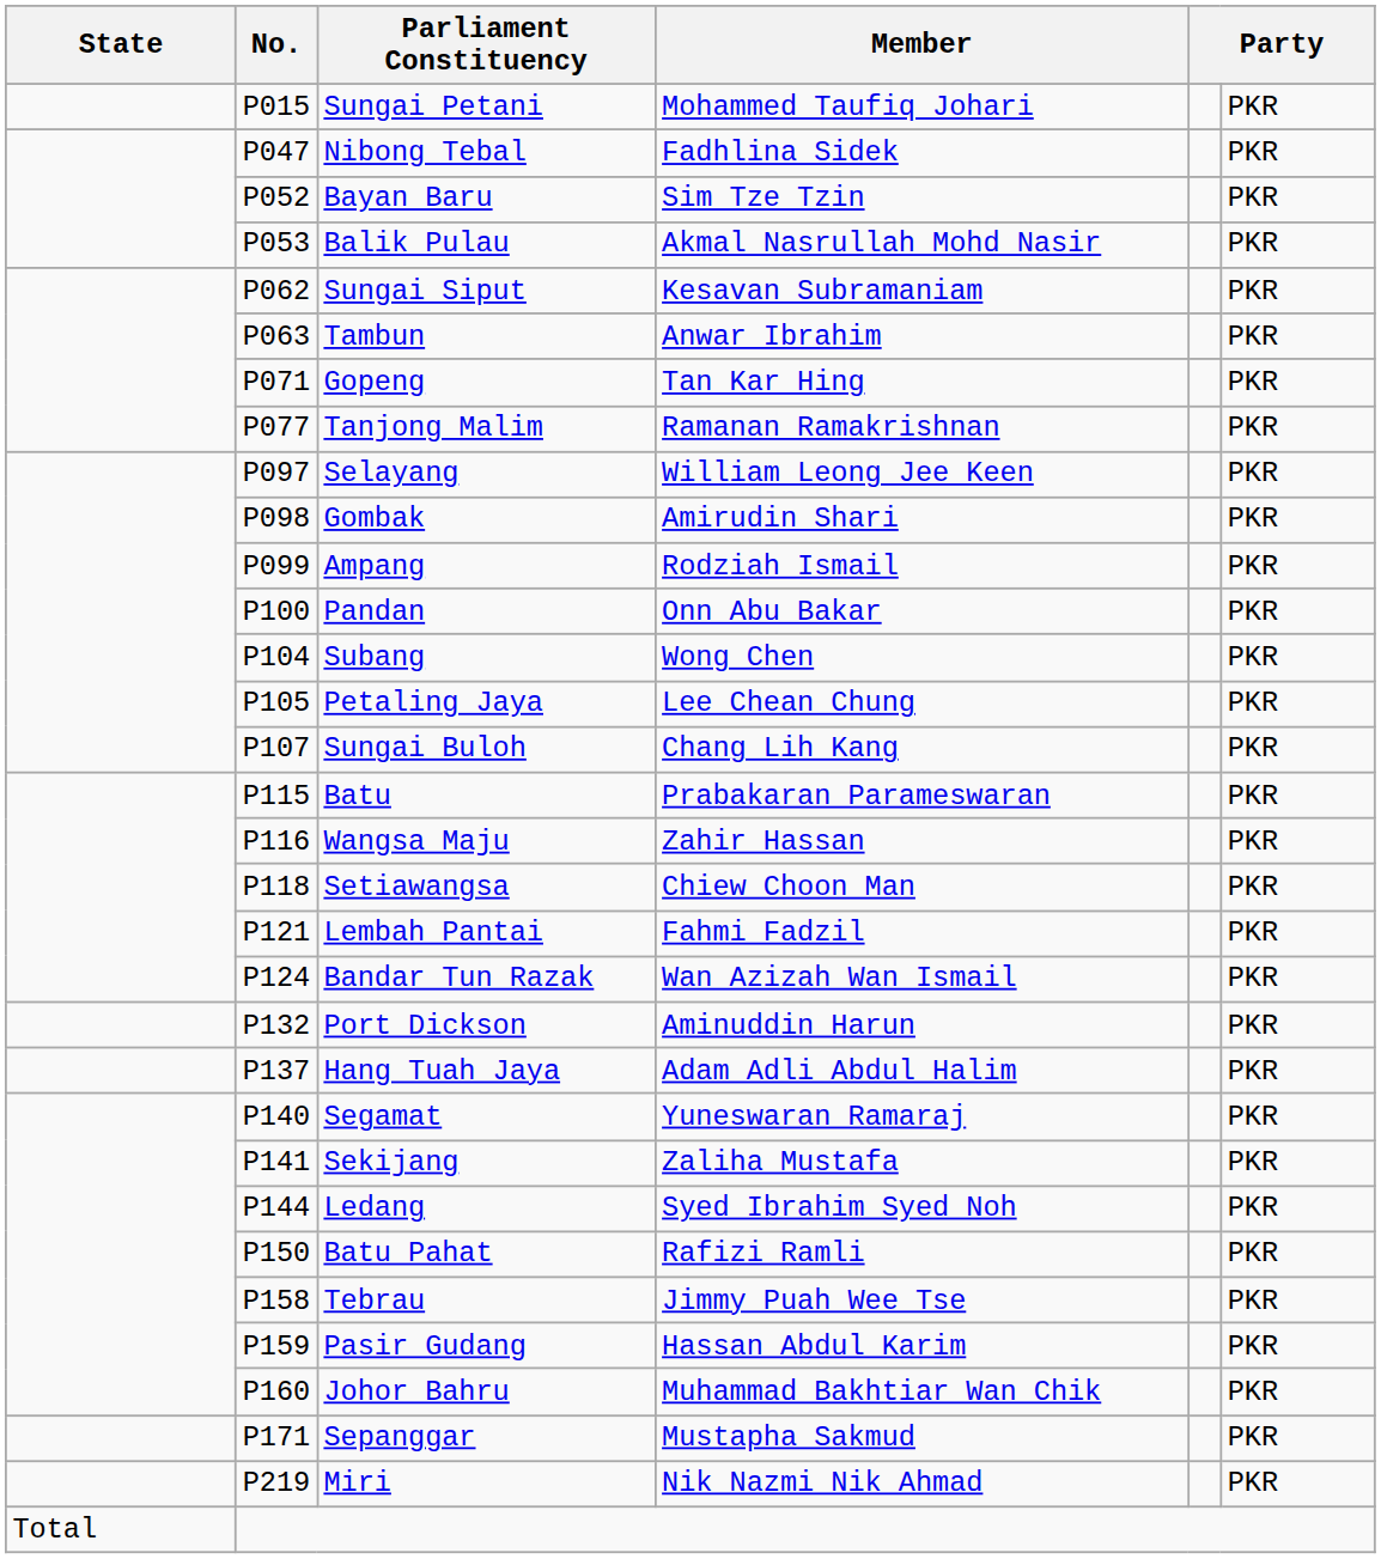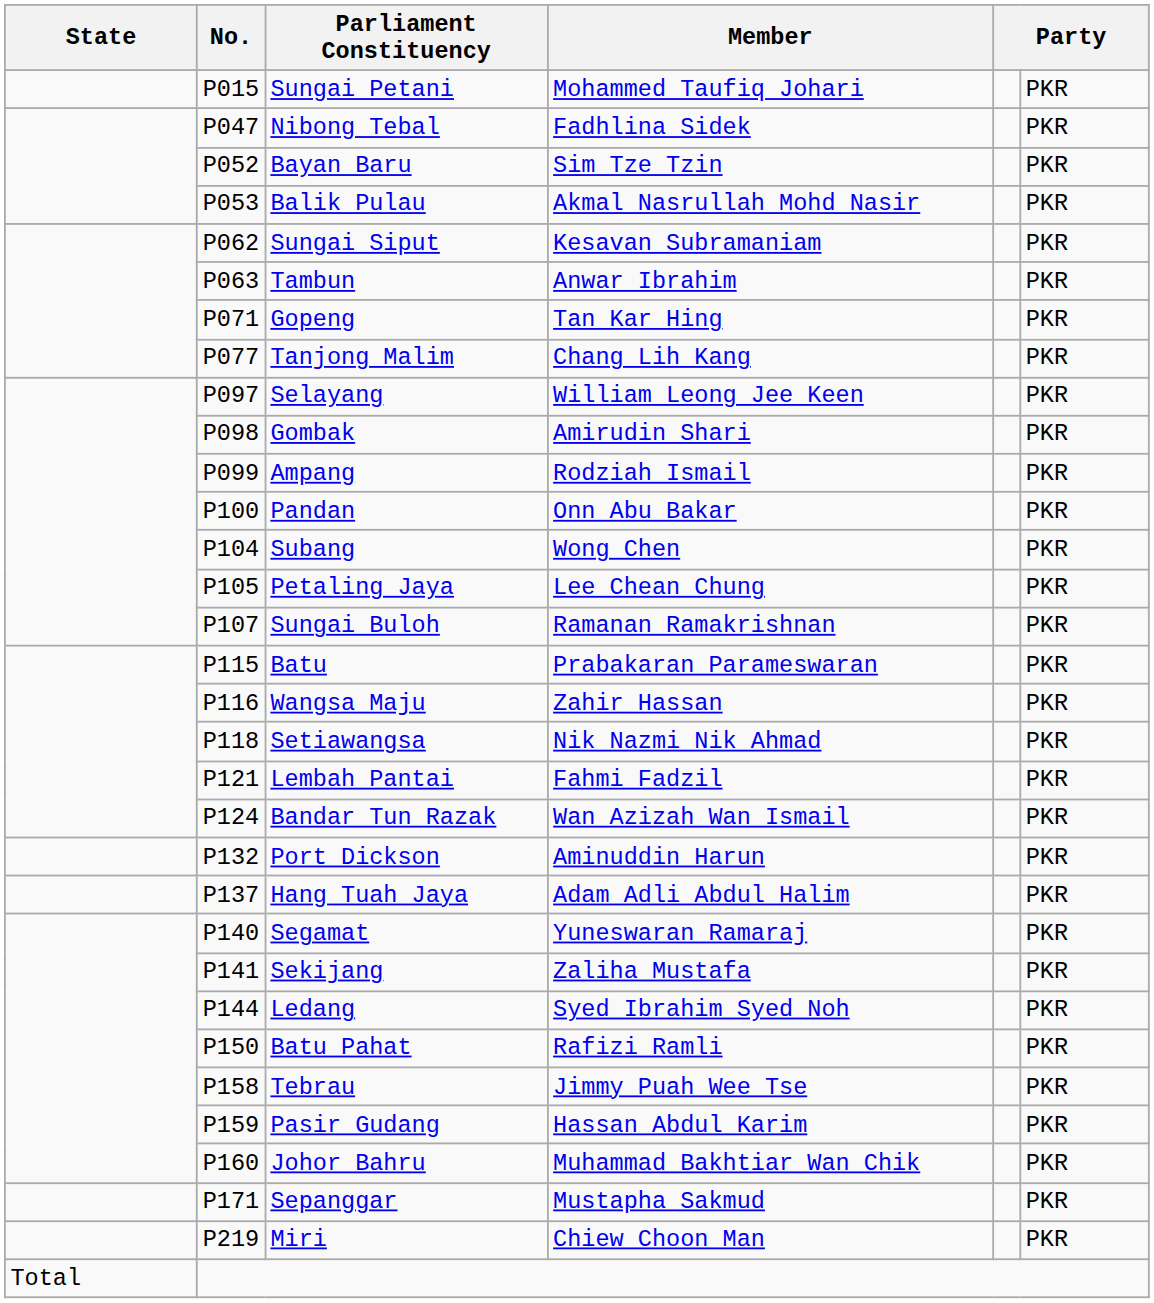 <table class ="wikitable sortable">
 <tr>
 <th style="width:100px;">State</th>
 <th style="width:30px;">No.</th>
 <th style="width:150px;">Parliament Constituency</th>
 <th style="width:240px;">Member</th>
 <th style="width:80px;" colspan=2>Party</th>
 </tr>
 <tr>
 <td></td>
 <td>P015</td>
 <td><a href='#'>Sungai Petani</a></td>
 <td><a href='#'>Mohammed Taufiq Johari</a></td>
 <td></td>
 <td>PKR</td>
 </tr>
 <tr>
 <td rowspan="3"></td>
 <td>P047</td>
 <td><a href='#'>Nibong Tebal</a></td>
 <td><a href='#'>Fadhlina Sidek</a></td>
 <td></td>
 <td>PKR</td>
 </tr>
 <tr>
 <td>P052</td>
 <td><a href='#'>Bayan Baru</a></td>
 <td><a href='#'>Sim Tze Tzin</a></td>
 <td></td>
 <td>PKR</td>
 </tr>
 <tr>
 <td>P053</td>
 <td><a href='#'>Balik Pulau</a></td>
 <td><a href='#'>Akmal Nasrullah Mohd Nasir</a></td>
 <td></td>
 <td>PKR</td>
 </tr>
 <tr>
 <td rowspan=4></td>
 <td>P062</td>
 <td><a href='#'>Sungai Siput</a></td>
 <td><a href='#'>Kesavan Subramaniam</a></td>
 <td></td>
 <td>PKR</td>
 </tr>
 <tr>
 <td>P063</td>
 <td><a href='#'>Tambun</a></td>
 <td><a href='#'>Anwar Ibrahim</a></td>
 <td></td>
 <td>PKR</td>
 </tr>
 <tr>
 <td>P071</td>
 <td><a href='#'>Gopeng</a></td>
 <td><a href='#'>Tan Kar Hing</a></td>
 <td></td>
 <td>PKR</td>
 </tr>
 <tr>
 <td>P077</td>
 <td><a href='#'>Tanjong Malim</a></td>
-<td><a href='#'>Ramanan Ramakrishnan</a></td>
+<td><a href='#'>Chang Lih Kang</a></td>
 <td></td>
 <td>PKR</td>
 </tr>
 <tr>
 <td rowspan="7"></td>
 <td>P097</td>
 <td><a href='#'>Selayang</a></td>
 <td><a href='#'>William Leong Jee Keen</a></td>
 <td></td>
 <td>PKR</td>
 </tr>
 <tr>
 <td>P098</td>
 <td><a href='#'>Gombak</a></td>
 <td><a href='#'>Amirudin Shari</a></td>
 <td></td>
 <td>PKR</td>
 </tr>
 <tr>
 <td>P099</td>
 <td><a href='#'>Ampang</a></td>
 <td><a href='#'>Rodziah Ismail</a></td>
 <td></td>
 <td>PKR</td>
 </tr>
 <tr>
 <td>P100</td>
 <td><a href='#'>Pandan</a></td>
 <td><a href='#'>Onn Abu Bakar</a></td>
 <td></td>
 <td>PKR</td>
 </tr>
 <tr>
 <td>P104</td>
 <td><a href='#'>Subang</a></td>
 <td><a href='#'>Wong Chen</a></td>
 <td></td>
 <td>PKR</td>
 </tr>
 <tr>
 <td>P105</td>
 <td><a href='#'>Petaling Jaya</a></td>
 <td><a href='#'>Lee Chean Chung</a></td>
 <td></td>
 <td>PKR</td>
 </tr>
 <tr>
 <td>P107</td>
 <td><a href='#'>Sungai Buloh</a></td>
-<td><a href='#'>Chang Lih Kang</a></td>
+<td><a href='#'>Ramanan Ramakrishnan</a></td>
 <td></td>
 <td>PKR</td>
 </tr>
 <tr>
 <td rowspan="5"></td>
 <td>P115</td>
 <td><a href='#'>Batu</a></td>
 <td><a href='#'>Prabakaran Parameswaran</a></td>
 <td></td>
 <td>PKR</td>
 </tr>
 <tr>
 <td>P116</td>
 <td><a href='#'>Wangsa Maju</a></td>
 <td><a href='#'>Zahir Hassan</a></td>
 <td></td>
 <td>PKR</td>
 </tr>
 <tr>
 <td>P118</td>
 <td><a href='#'>Setiawangsa</a></td>
-<td><a href='#'>Chiew Choon Man</a></td>
+<td><a href='#'>Nik Nazmi Nik Ahmad</a></td>
 <td></td>
 <td>PKR</td>
 </tr>
 <tr>
 <td>P121</td>
 <td><a href='#'>Lembah Pantai</a></td>
 <td><a href='#'>Fahmi Fadzil</a></td>
 <td></td>
 <td>PKR</td>
 </tr>
 <tr>
 <td>P124</td>
 <td><a href='#'>Bandar Tun Razak</a></td>
 <td><a href='#'>Wan Azizah Wan Ismail</a></td>
 <td></td>
 <td>PKR</td>
 </tr>
 <tr>
 <td rowspan=1></td>
 <td>P132</td>
 <td><a href='#'>Port Dickson</a></td>
 <td><a href='#'>Aminuddin Harun</a></td>
 <td></td>
 <td>PKR</td>
 </tr>
 <tr>
 <td></td>
 <td>P137</td>
 <td><a href='#'>Hang Tuah Jaya</a></td>
 <td><a href='#'>Adam Adli Abdul Halim</a></td>
 <td></td>
 <td>PKR</td>
 </tr>
 <tr>
 <td rowspan="7"></td>
 <td>P140</td>
 <td><a href='#'>Segamat</a></td>
 <td><a href='#'>Yuneswaran Ramaraj</a></td>
 <td></td>
 <td>PKR</td>
 </tr>
 <tr>
 <td>P141</td>
 <td><a href='#'>Sekijang</a></td>
 <td><a href='#'>Zaliha Mustafa</a></td>
 <td></td>
 <td>PKR</td>
 </tr>
 <tr>
 <td>P144</td>
 <td><a href='#'>Ledang</a></td>
 <td><a href='#'>Syed Ibrahim Syed Noh</a></td>
 <td></td>
 <td>PKR</td>
 </tr>
 <tr>
 <td>P150</td>
 <td><a href='#'>Batu Pahat</a></td>
 <td><a href='#'>Rafizi Ramli</a></td>
 <td></td>
 <td>PKR</td>
 </tr>
 <tr>
 <td>P158</td>
 <td><a href='#'>Tebrau</a></td>
 <td><a href='#'>Jimmy Puah Wee Tse</a></td>
 <td></td>
 <td>PKR</td>
 </tr>
 <tr>
 <td>P159</td>
 <td><a href='#'>Pasir Gudang</a></td>
 <td><a href='#'>Hassan Abdul Karim</a></td>
 <td></td>
 <td>PKR</td>
 </tr>
 <tr>
 <td>P160</td>
 <td><a href='#'>Johor Bahru</a></td>
 <td><a href='#'>Muhammad Bakhtiar Wan Chik</a></td>
 <td></td>
 <td>PKR</td>
 </tr>
 <tr>
 <td rowspan="1"></td>
 <td>P171</td>
 <td><a href='#'>Sepanggar</a></td>
 <td><a href='#'>Mustapha Sakmud</a></td>
 <td></td>
 <td>PKR</td>
 </tr>
 <tr>
 <td rowspan="1"></td>
 <td>P219</td>
 <td><a href='#'>Miri</a></td>
-<td><a href='#'>Nik Nazmi Nik Ahmad</a></td>
+<td><a href='#'>Chiew Choon Man</a></td>
 <td></td>
 <td>PKR</td>
 </tr>
 <tr>
 <td>Total</td>
 <td style="width:30px;" colspan=6></td>
 </tr>
 </table>
